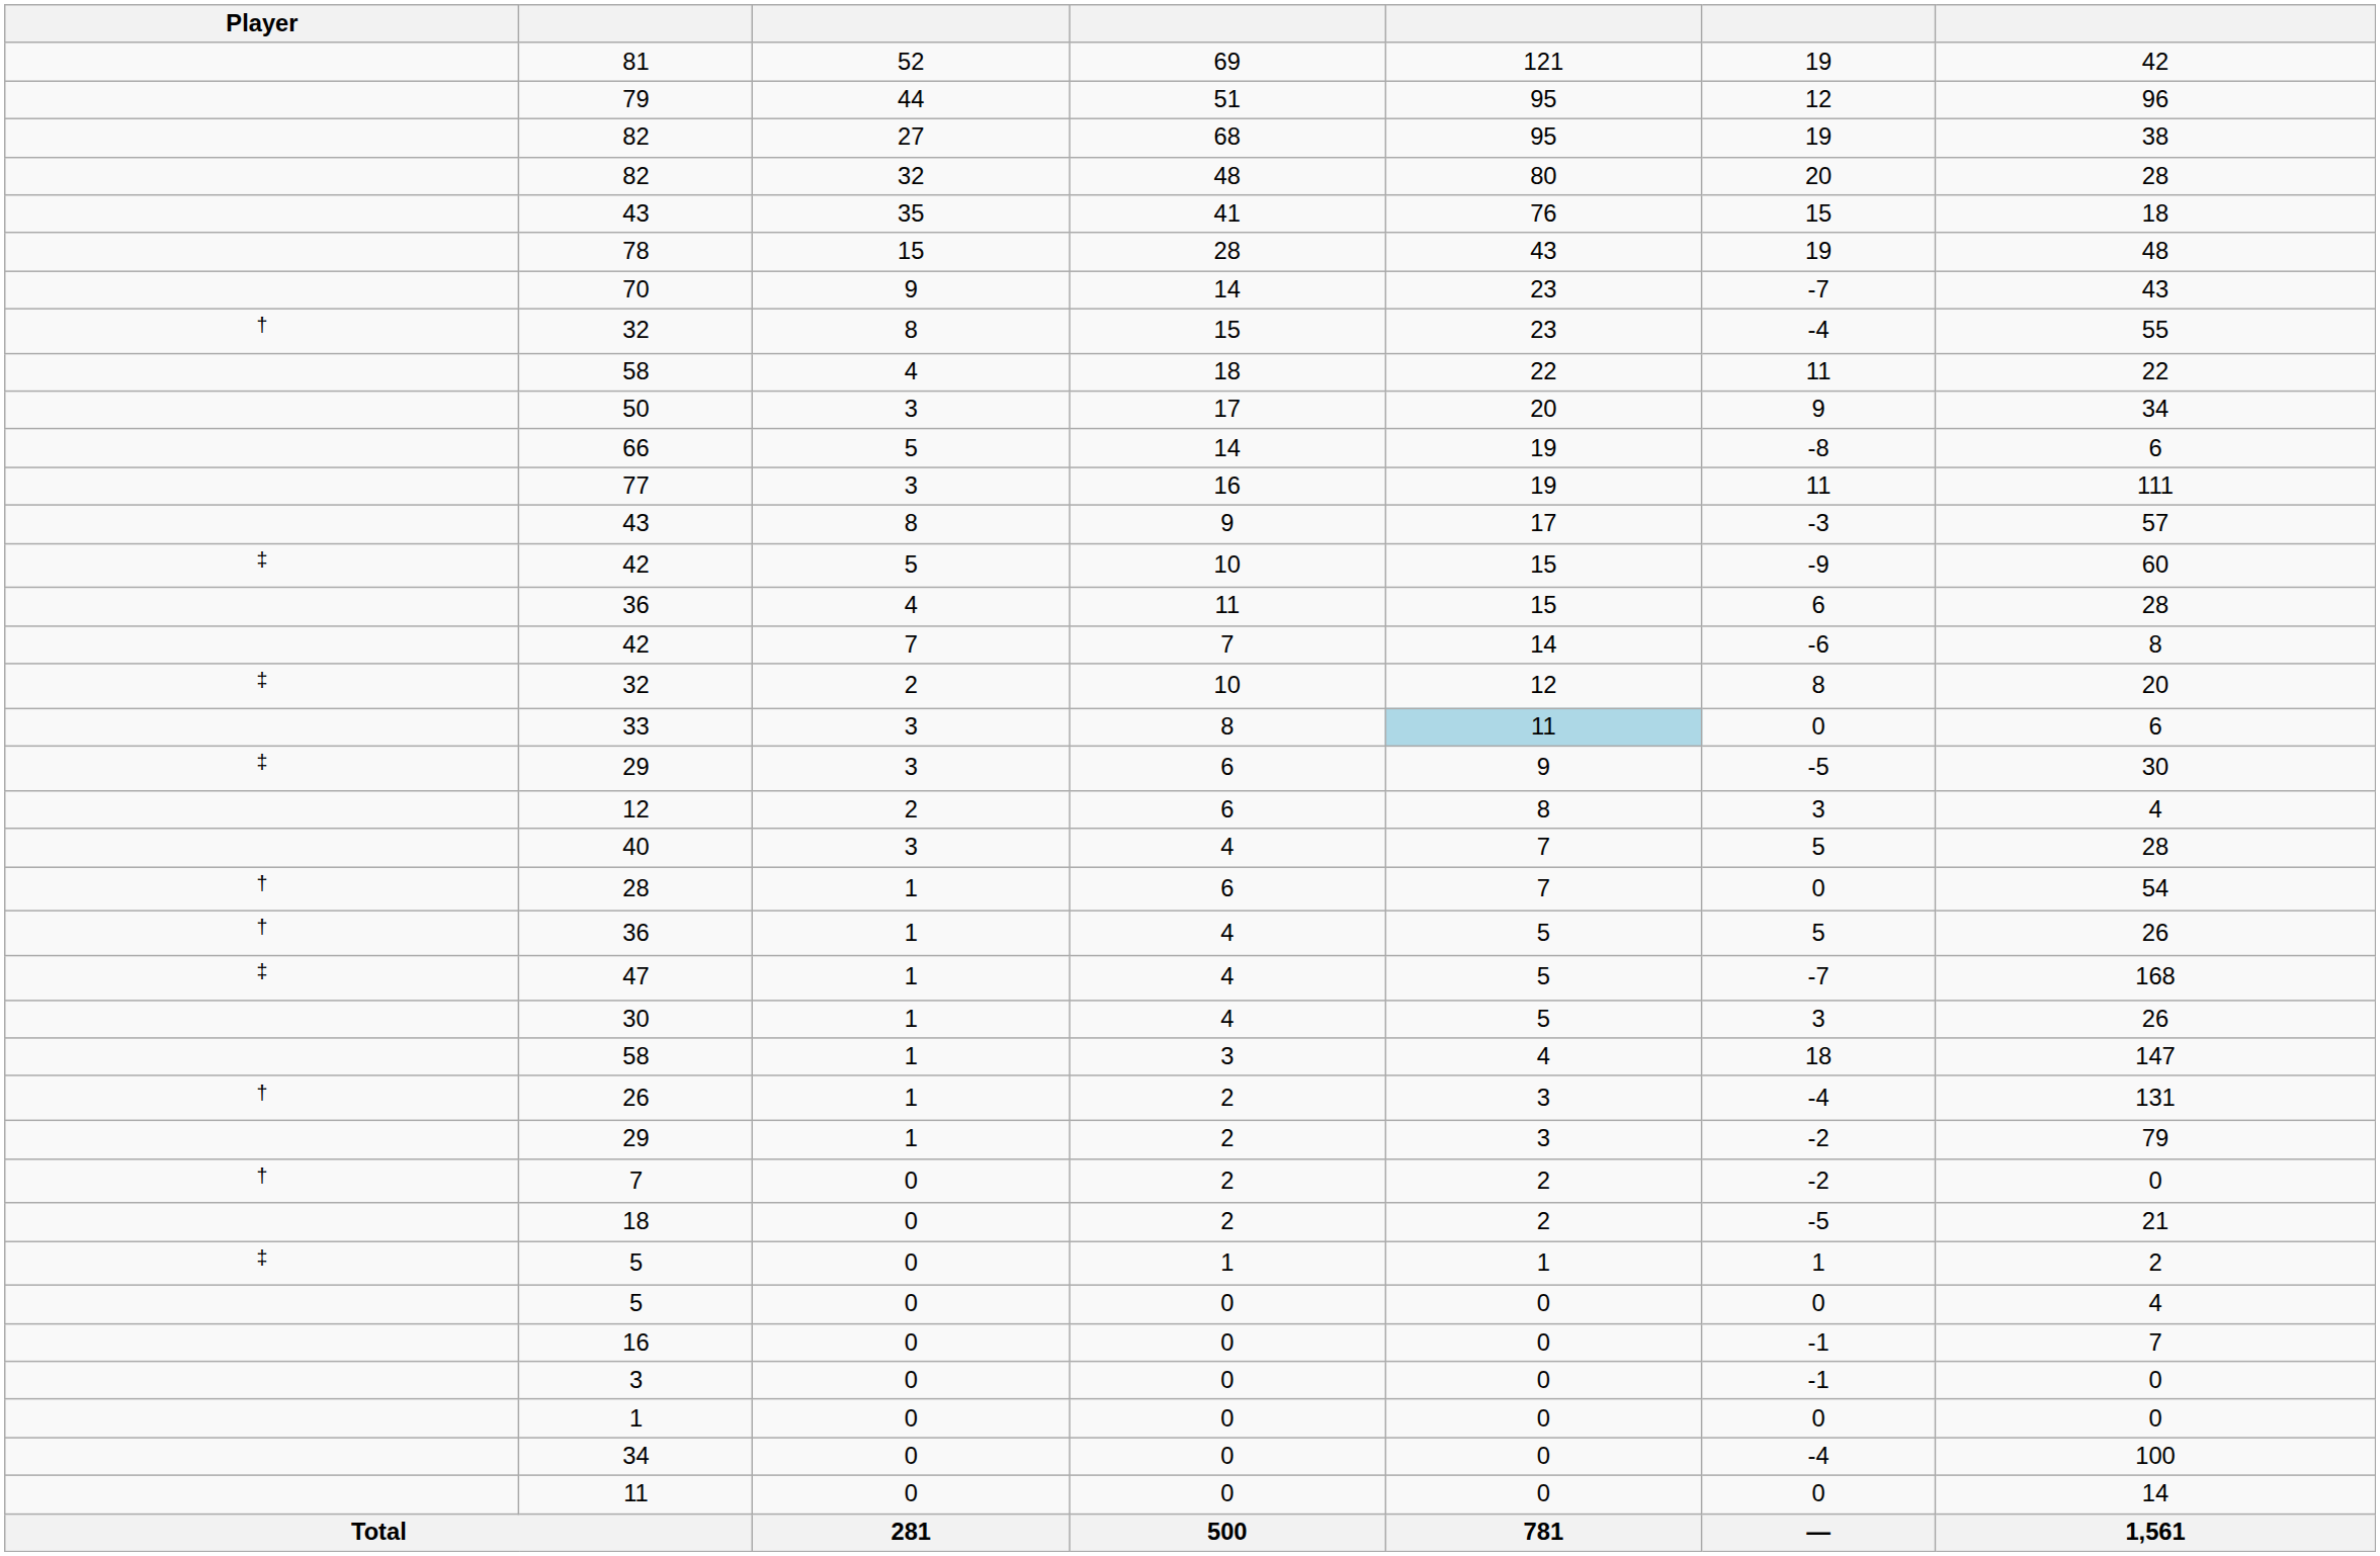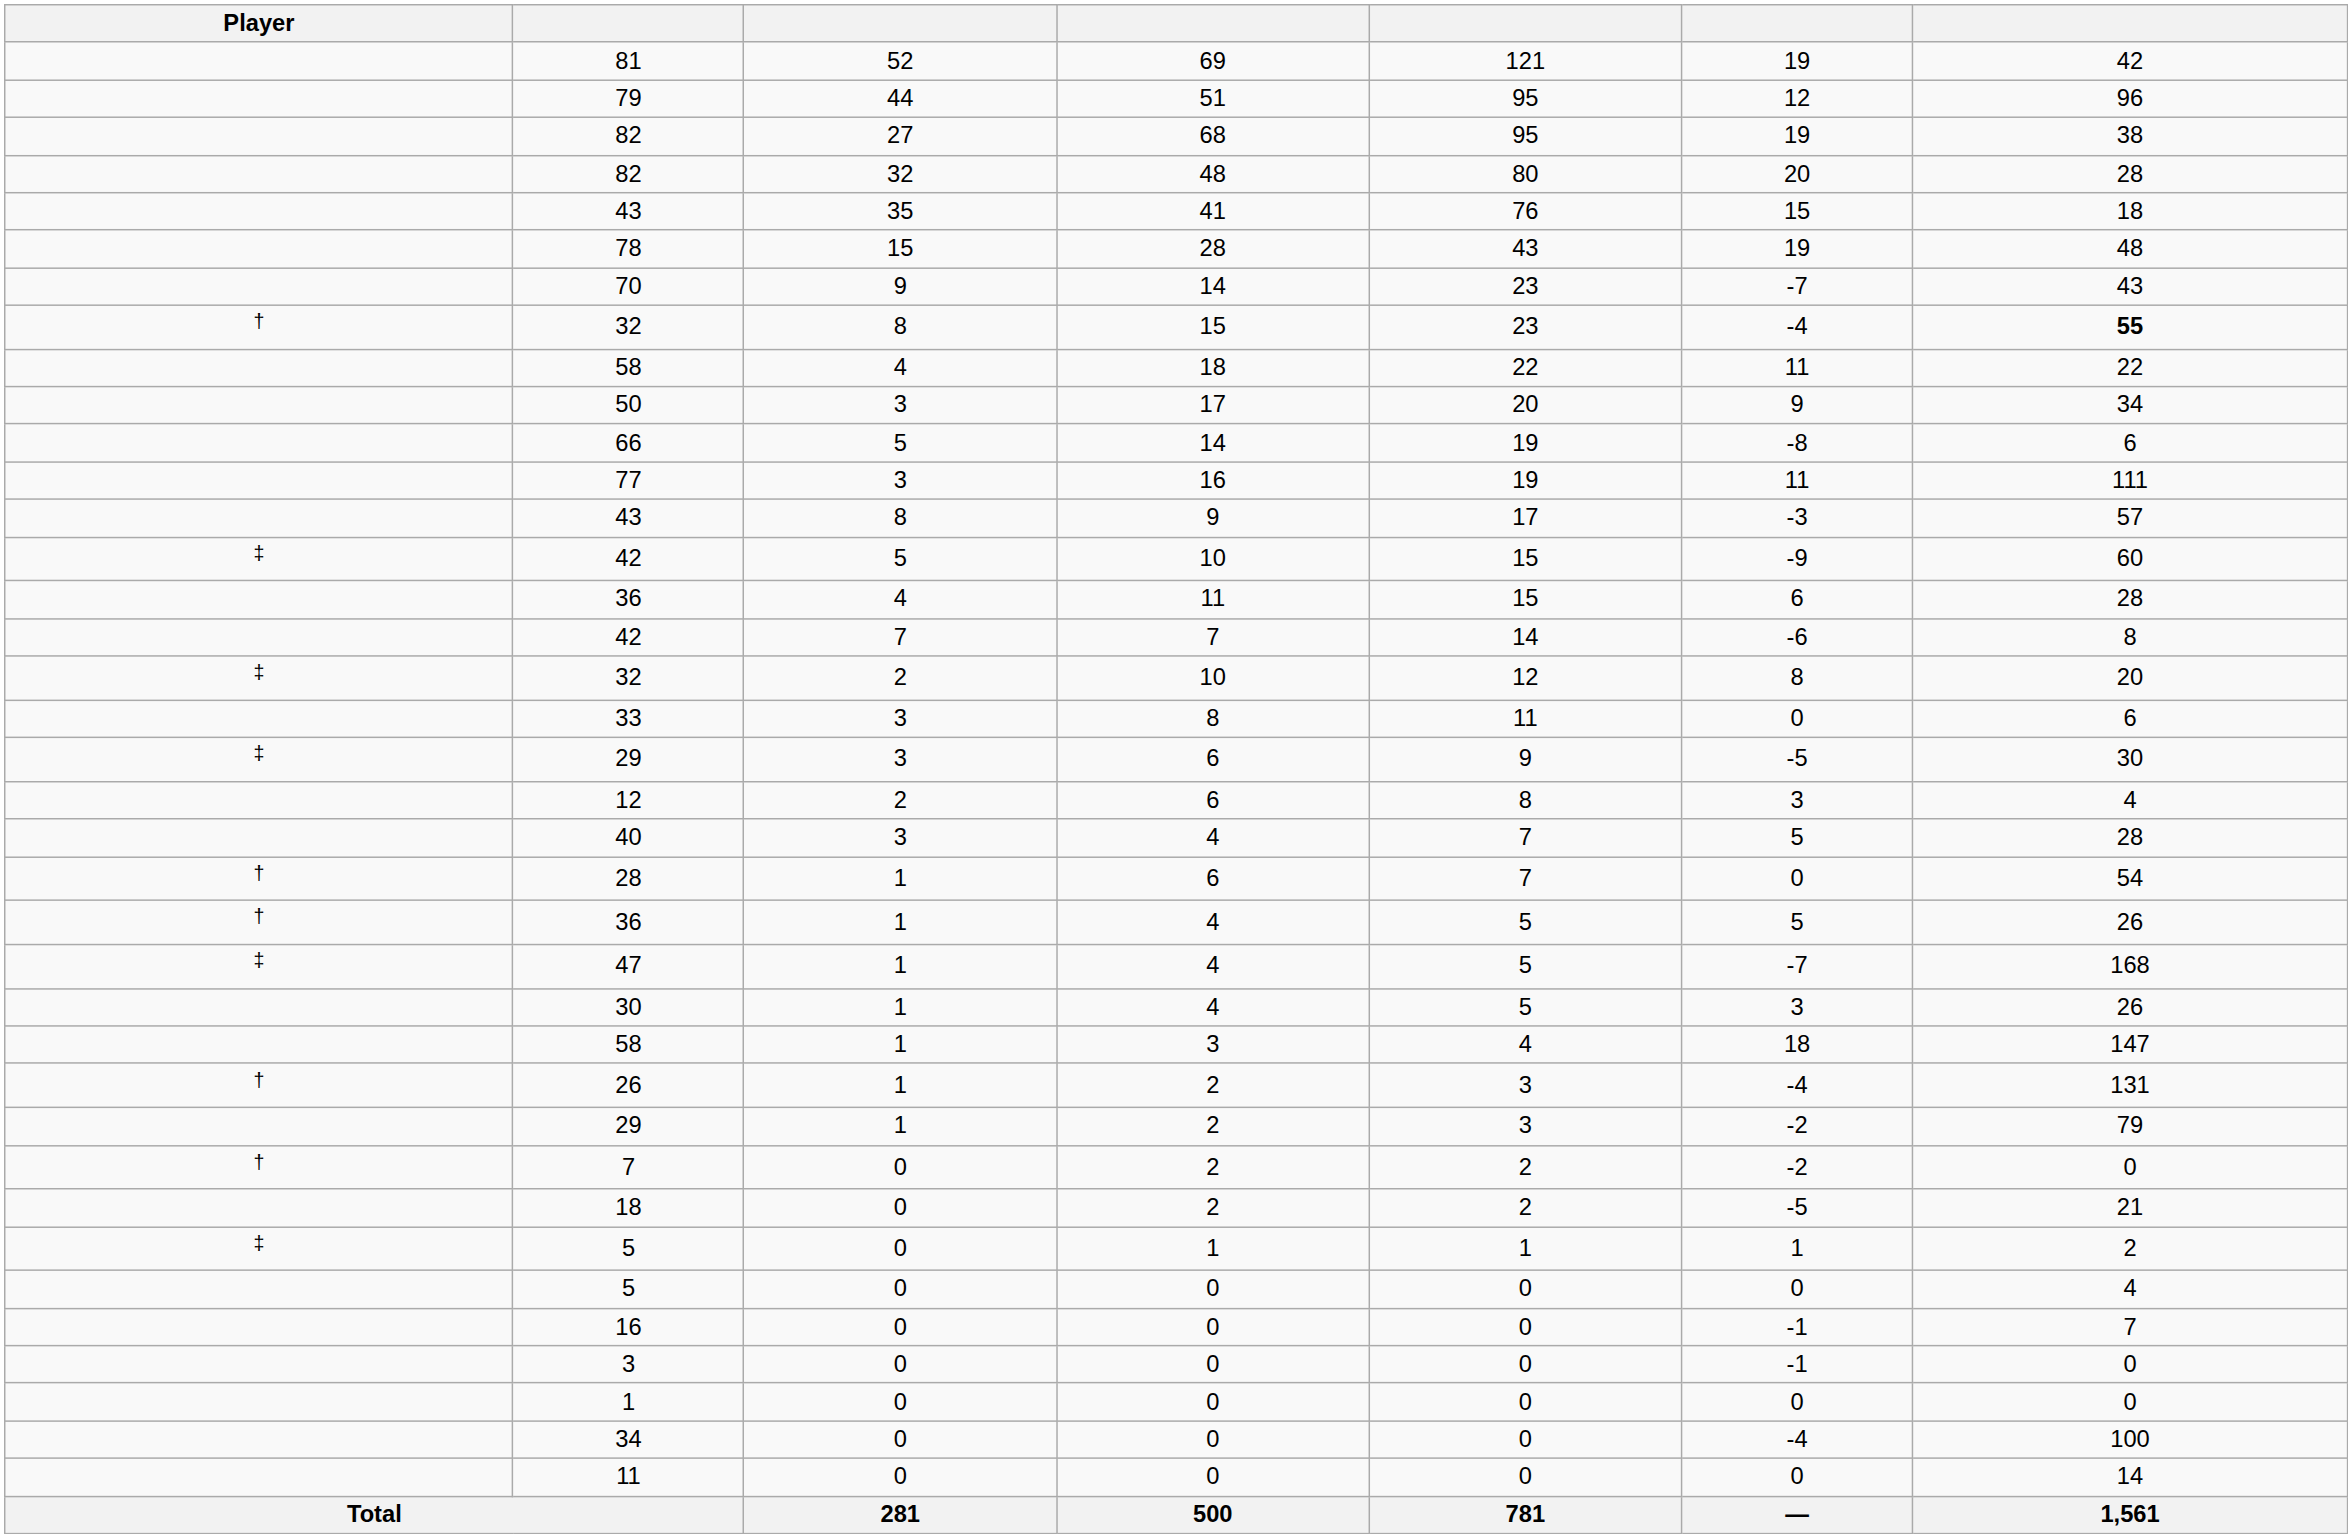 <table class="wikitable sortable" style="width:100%; text-align:center;">
 <tr align=center>
 <th>Player</th>
 <th></th>
 <th></th>
 <th></th>
 <th></th>
 <th data-sort-type="number"></th>
 <th></th>
 </tr>
 <tr>
 <td></td>
 <td>81</td>
 <td>52</td>
 <td>69</td>
 <td>121</td>
 <td>19</td>
 <td>42</td>
 </tr>
 <tr>
 <td></td>
 <td>79</td>
 <td>44</td>
 <td>51</td>
 <td>95</td>
 <td>12</td>
 <td>96</td>
 </tr>
 <tr>
 <td></td>
 <td>82</td>
 <td>27</td>
 <td>68</td>
 <td>95</td>
 <td>19</td>
 <td>38</td>
 </tr>
 <tr>
 <td></td>
 <td>82</td>
 <td>32</td>
 <td>48</td>
 <td>80</td>
 <td>20</td>
 <td>28</td>
 </tr>
 <tr>
 <td></td>
 <td>43</td>
 <td>35</td>
 <td>41</td>
 <td>76</td>
 <td>15</td>
 <td>18</td>
 </tr>
 <tr>
 <td></td>
 <td>78</td>
 <td>15</td>
 <td>28</td>
 <td>43</td>
 <td>19</td>
 <td>48</td>
 </tr>
 <tr>
 <td></td>
 <td>70</td>
 <td>9</td>
 <td>14</td>
 <td>23</td>
 <td>-7</td>
 <td>43</td>
 </tr>
 <tr>
 <td><sup>†</sup></td>
 <td>32</td>
 <td>8</td>
 <td>15</td>
 <td>23</td>
 <td>-4</td>
-<td>55</td>
+<td><strong>55</strong></td>
 </tr>
 <tr>
 <td></td>
 <td>58</td>
 <td>4</td>
 <td>18</td>
 <td>22</td>
 <td>11</td>
 <td>22</td>
 </tr>
 <tr>
 <td></td>
 <td>50</td>
 <td>3</td>
 <td>17</td>
 <td>20</td>
 <td>9</td>
 <td>34</td>
 </tr>
 <tr>
 <td></td>
 <td>66</td>
 <td>5</td>
 <td>14</td>
 <td>19</td>
 <td>-8</td>
 <td>6</td>
 </tr>
 <tr>
 <td></td>
 <td>77</td>
 <td>3</td>
 <td>16</td>
 <td>19</td>
 <td>11</td>
 <td>111</td>
 </tr>
 <tr>
 <td></td>
 <td>43</td>
 <td>8</td>
 <td>9</td>
 <td>17</td>
 <td>-3</td>
 <td>57</td>
 </tr>
 <tr>
 <td><sup>‡</sup></td>
 <td>42</td>
 <td>5</td>
 <td>10</td>
 <td>15</td>
 <td>-9</td>
 <td>60</td>
 </tr>
 <tr>
 <td></td>
 <td>36</td>
 <td>4</td>
 <td>11</td>
 <td>15</td>
 <td>6</td>
 <td>28</td>
 </tr>
 <tr>
 <td></td>
 <td>42</td>
 <td>7</td>
 <td>7</td>
 <td>14</td>
 <td>-6</td>
 <td>8</td>
 </tr>
 <tr>
 <td><sup>‡</sup></td>
 <td>32</td>
 <td>2</td>
 <td>10</td>
 <td>12</td>
 <td>8</td>
 <td>20</td>
 </tr>
 <tr>
 <td></td>
 <td>33</td>
 <td>3</td>
 <td>8</td>
-<td style="background: lightblue;">11</td>
+<td>11</td>
 <td>0</td>
 <td>6</td>
 </tr>
 <tr>
 <td><sup>‡</sup></td>
 <td>29</td>
 <td>3</td>
 <td>6</td>
 <td>9</td>
 <td>-5</td>
 <td>30</td>
 </tr>
 <tr>
 <td></td>
 <td>12</td>
 <td>2</td>
 <td>6</td>
 <td>8</td>
 <td>3</td>
 <td>4</td>
 </tr>
 <tr>
 <td></td>
 <td>40</td>
 <td>3</td>
 <td>4</td>
 <td>7</td>
 <td>5</td>
 <td>28</td>
 </tr>
 <tr>
 <td><sup>†</sup></td>
 <td>28</td>
 <td>1</td>
 <td>6</td>
 <td>7</td>
 <td>0</td>
 <td>54</td>
 </tr>
 <tr>
 <td><sup>†</sup></td>
 <td>36</td>
 <td>1</td>
 <td>4</td>
 <td>5</td>
 <td>5</td>
 <td>26</td>
 </tr>
 <tr>
 <td><sup>‡</sup></td>
 <td>47</td>
 <td>1</td>
 <td>4</td>
 <td>5</td>
 <td>-7</td>
 <td>168</td>
 </tr>
 <tr>
 <td></td>
 <td>30</td>
 <td>1</td>
 <td>4</td>
 <td>5</td>
 <td>3</td>
 <td>26</td>
 </tr>
 <tr>
 <td></td>
 <td>58</td>
 <td>1</td>
 <td>3</td>
 <td>4</td>
 <td>18</td>
 <td>147</td>
 </tr>
 <tr>
 <td><sup>†</sup></td>
 <td>26</td>
 <td>1</td>
 <td>2</td>
 <td>3</td>
 <td>-4</td>
 <td>131</td>
 </tr>
 <tr>
 <td></td>
 <td>29</td>
 <td>1</td>
 <td>2</td>
 <td>3</td>
 <td>-2</td>
 <td>79</td>
 </tr>
 <tr>
 <td><sup>†</sup></td>
 <td>7</td>
 <td>0</td>
 <td>2</td>
 <td>2</td>
 <td>-2</td>
 <td>0</td>
 </tr>
 <tr>
 <td></td>
 <td>18</td>
 <td>0</td>
 <td>2</td>
 <td>2</td>
 <td>-5</td>
 <td>21</td>
 </tr>
 <tr>
 <td><sup>‡</sup></td>
 <td>5</td>
 <td>0</td>
 <td>1</td>
 <td>1</td>
 <td>1</td>
 <td>2</td>
 </tr>
 <tr>
 <td></td>
 <td>5</td>
 <td>0</td>
 <td>0</td>
 <td>0</td>
 <td>0</td>
 <td>4</td>
 </tr>
 <tr>
 <td></td>
 <td>16</td>
 <td>0</td>
 <td>0</td>
 <td>0</td>
 <td>-1</td>
 <td>7</td>
 </tr>
 <tr>
 <td></td>
 <td>3</td>
 <td>0</td>
 <td>0</td>
 <td>0</td>
 <td>-1</td>
 <td>0</td>
 </tr>
 <tr>
 <td></td>
 <td>1</td>
 <td>0</td>
 <td>0</td>
 <td>0</td>
 <td>0</td>
 <td>0</td>
 </tr>
 <tr>
 <td></td>
 <td>34</td>
 <td>0</td>
 <td>0</td>
 <td>0</td>
 <td>-4</td>
 <td>100</td>
 </tr>
 <tr>
 <td></td>
 <td>11</td>
 <td>0</td>
 <td>0</td>
 <td>0</td>
 <td>0</td>
 <td>14</td>
 </tr>
 <tr class="sortbottom">
 <th colspan=2>Total</th>
 <th>281</th>
 <th>500</th>
 <th>781</th>
 <th>—</th>
 <th>1,561</th>
 </tr>
 </table>
